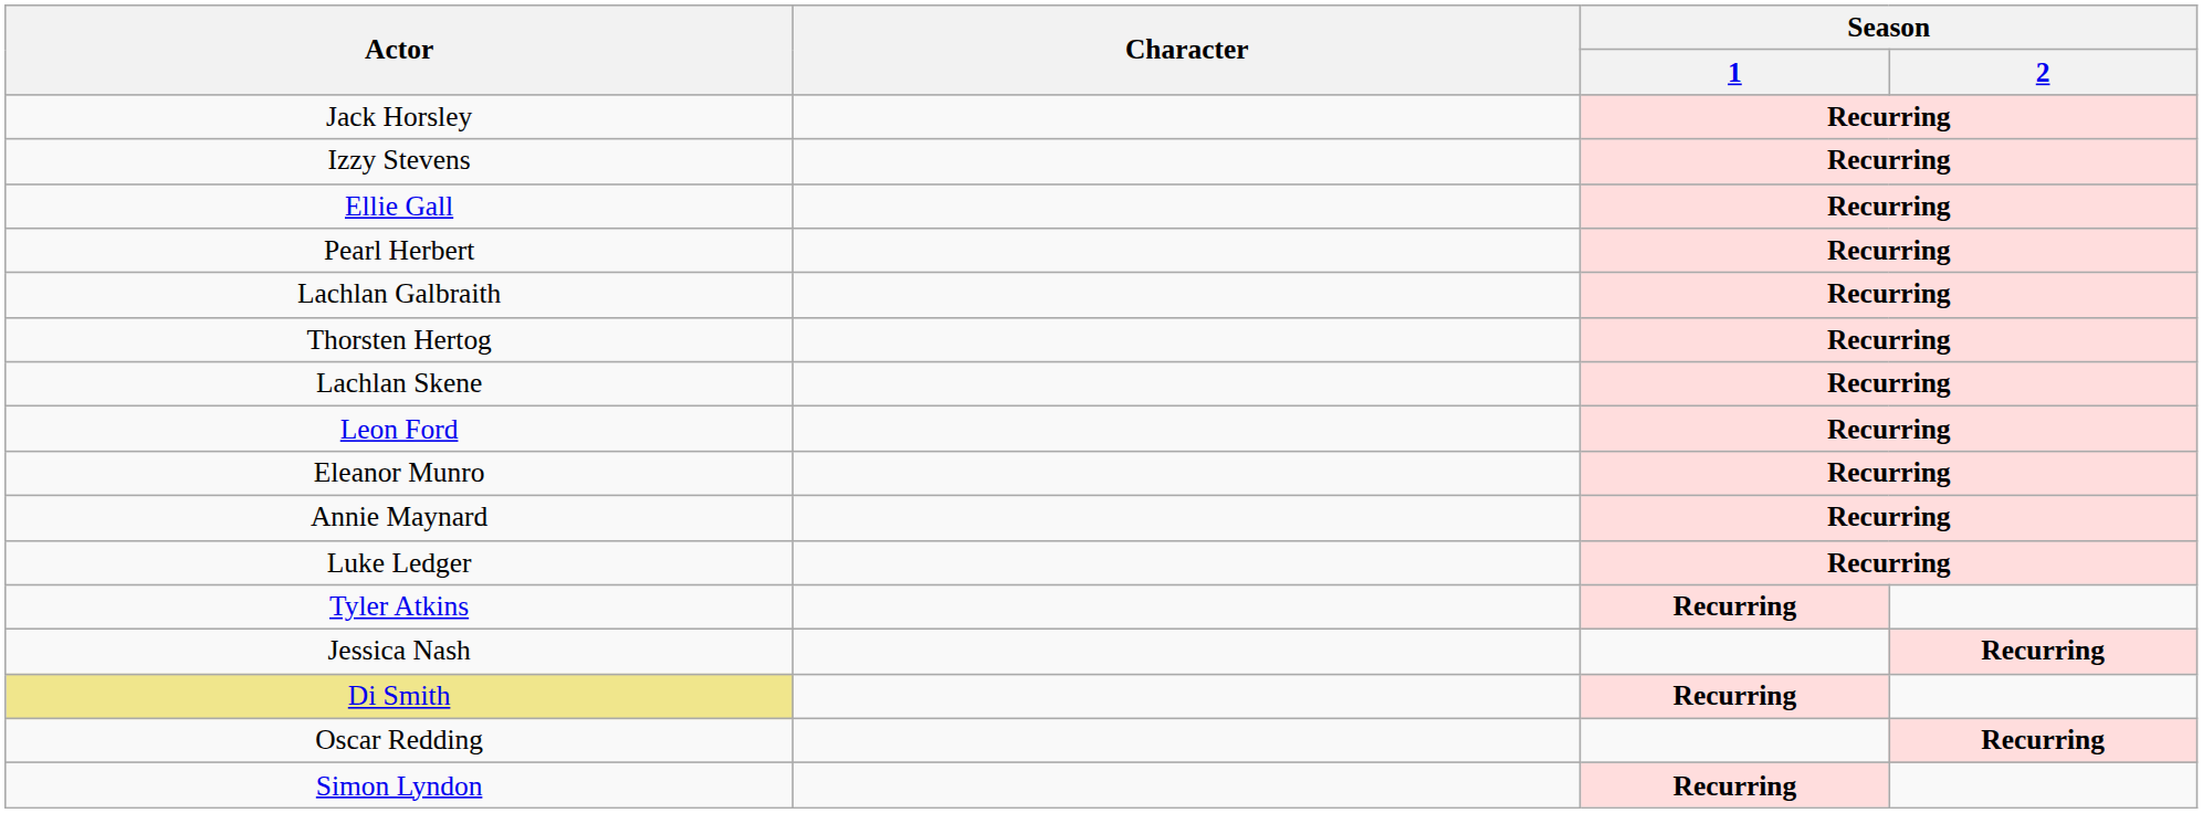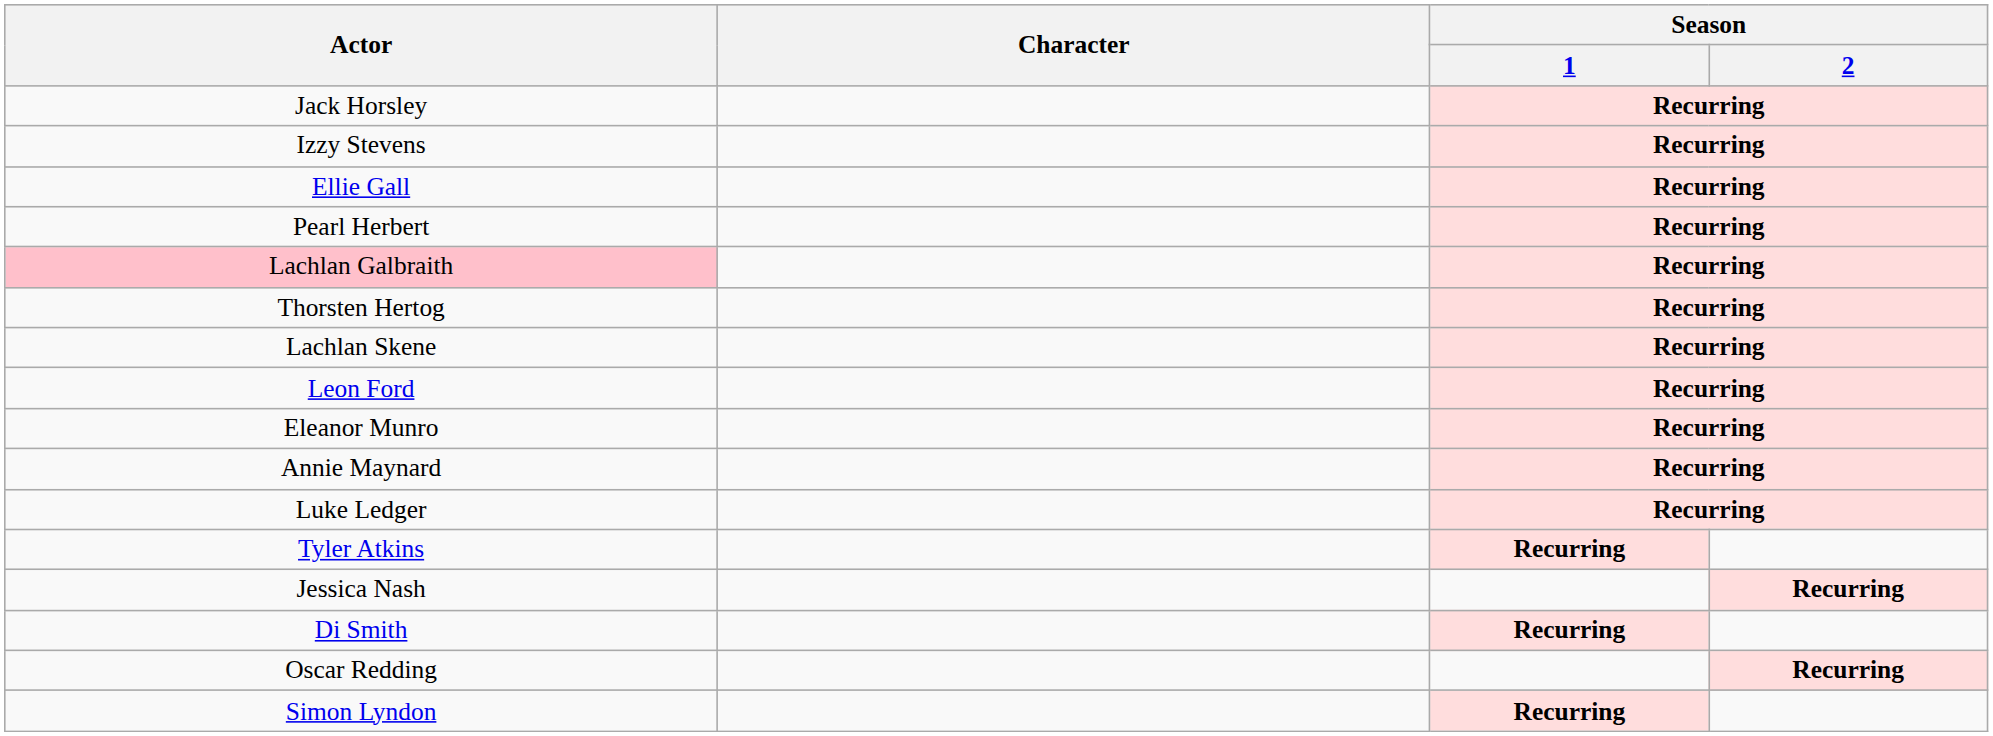 <table class="wikitable plainrowheaders" style="text-align:center">
 <tr>
 <th rowspan="2" style="width:14%;" scope="col">Actor</th>
 <th rowspan="2" style="width:14%;" scope="col">Character</th>
 <th colspan="12">Season</th>
 </tr>
 <tr>
 <th scope="col" style="width:5%;"><strong><a href='#'>1</a></strong></th>
 <th scope="col" style="width:5%;"><strong><a href='#'>2</a></strong></th>
 </tr>
 <tr>
 <td>Jack Horsley</td>
 <td></td>
 <td colspan="2" style="background:#fdd; text-align:center;"><strong>Recurring</strong></td>
 </tr>
 <tr>
 <td>Izzy Stevens</td>
 <td></td>
 <td colspan="2" style="background:#fdd; text-align:center;"><strong>Recurring</strong></td>
 </tr>
 <tr>
 <td><a href='#'>Ellie Gall</a></td>
 <td></td>
 <td colspan="2" style="background:#fdd; text-align:center;"><strong>Recurring</strong></td>
 </tr>
 <tr>
 <td>Pearl Herbert</td>
 <td></td>
 <td colspan="2" style="background:#fdd; text-align:center;"><strong>Recurring</strong></td>
 </tr>
 <tr>
-<td>Lachlan Galbraith</td>
+<td style="background: pink;">Lachlan Galbraith</td>
 <td></td>
 <td colspan="2" style="background:#fdd; text-align:center;"><strong>Recurring</strong></td>
 </tr>
 <tr>
 <td>Thorsten Hertog</td>
 <td></td>
 <td colspan="2" style="background:#fdd; text-align:center;"><strong>Recurring</strong></td>
 </tr>
 <tr>
 <td>Lachlan Skene</td>
 <td></td>
 <td colspan="2" style="background:#fdd; text-align:center;"><strong>Recurring</strong></td>
 </tr>
 <tr>
 <td><a href='#'>Leon Ford</a></td>
 <td></td>
 <td colspan="2" style="background:#fdd; text-align:center;"><strong>Recurring</strong></td>
 </tr>
 <tr>
 <td>Eleanor Munro</td>
 <td></td>
 <td colspan="2" style="background:#fdd; text-align:center;"><strong>Recurring</strong></td>
 </tr>
 <tr>
 <td>Annie Maynard</td>
 <td></td>
 <td colspan="2" style="background:#fdd; text-align:center;"><strong>Recurring</strong></td>
 </tr>
 <tr>
 <td>Luke Ledger</td>
 <td></td>
 <td colspan="2" style="background:#fdd; text-align:center;"><strong>Recurring</strong></td>
 </tr>
 <tr>
 <td><a href='#'>Tyler Atkins</a></td>
 <td></td>
 <td colspan="1" style="background:#fdd; text-align:center;"><strong>Recurring</strong></td>
 <td colspan="1" style="background; text-align:center;"></td>
 </tr>
 <tr>
 <td>Jessica Nash</td>
 <td></td>
 <td colspan="1" style="background; text-align:center;"></td>
 <td colspan="1" style="background:#fdd; text-align:center;"><strong>Recurring</strong></td>
 </tr>
 <tr>
-<td style="background: khaki;"><a href='#'>Di Smith</a></td>
+<td><a href='#'>Di Smith</a></td>
 <td></td>
 <td colspan="1" style="background:#fdd; text-align:center;"><strong>Recurring</strong></td>
 <td colspan="1" style="background; text-align:center;"></td>
 </tr>
 <tr>
 <td>Oscar Redding</td>
 <td></td>
 <td colspan="1" style="background; text-align:center;"></td>
 <td colspan="1" style="background:#fdd; text-align:center;"><strong>Recurring</strong></td>
 </tr>
 <tr>
 <td><a href='#'>Simon Lyndon</a></td>
 <td></td>
 <td colspan="1" style="background:#fdd; text-align:center;"><strong>Recurring</strong></td>
 <td colspan="1" style="background; text-align:center;"></td>
 </tr>
 </table>
